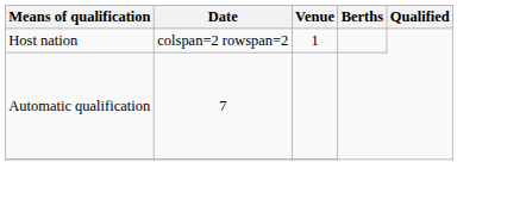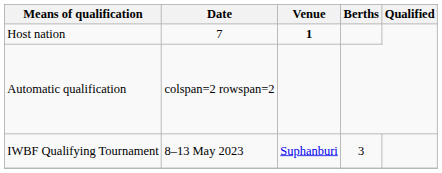 <table class="wikitable">
 <tr>
 <th>Means of qualification</th>
 <th>Date</th>
 <th>Venue</th>
 <th>Berths</th>
 <th>Qualified</th>
 </tr>
 <tr>
 <td>Host nation</td>
-<td>colspan=2 rowspan=2 </td>
-<td style="text-align:center;">1</td>
+<td style="text-align:center;">7</td>
+<td style="text-align:center;"><strong>1</strong></td>
 <td></td>
 </tr>
 <tr>
 <td>Automatic qualification</td>
-<td style="text-align:center;">7</td>
+<td>colspan=2 rowspan=2 </td>
 <td><br><br><br><br><br><br></td>
+</tr>
+<tr>
+<td>IWBF Qualifying Tournament</td>
+<td>8–13 May 2023</td>
+<td> <a href='#'>Suphanburi</a></td>
+<td style="text-align:center;">3</td>
+<td><br><br></td>
 </tr>
 <tr }>
 </tr>
 </table>
